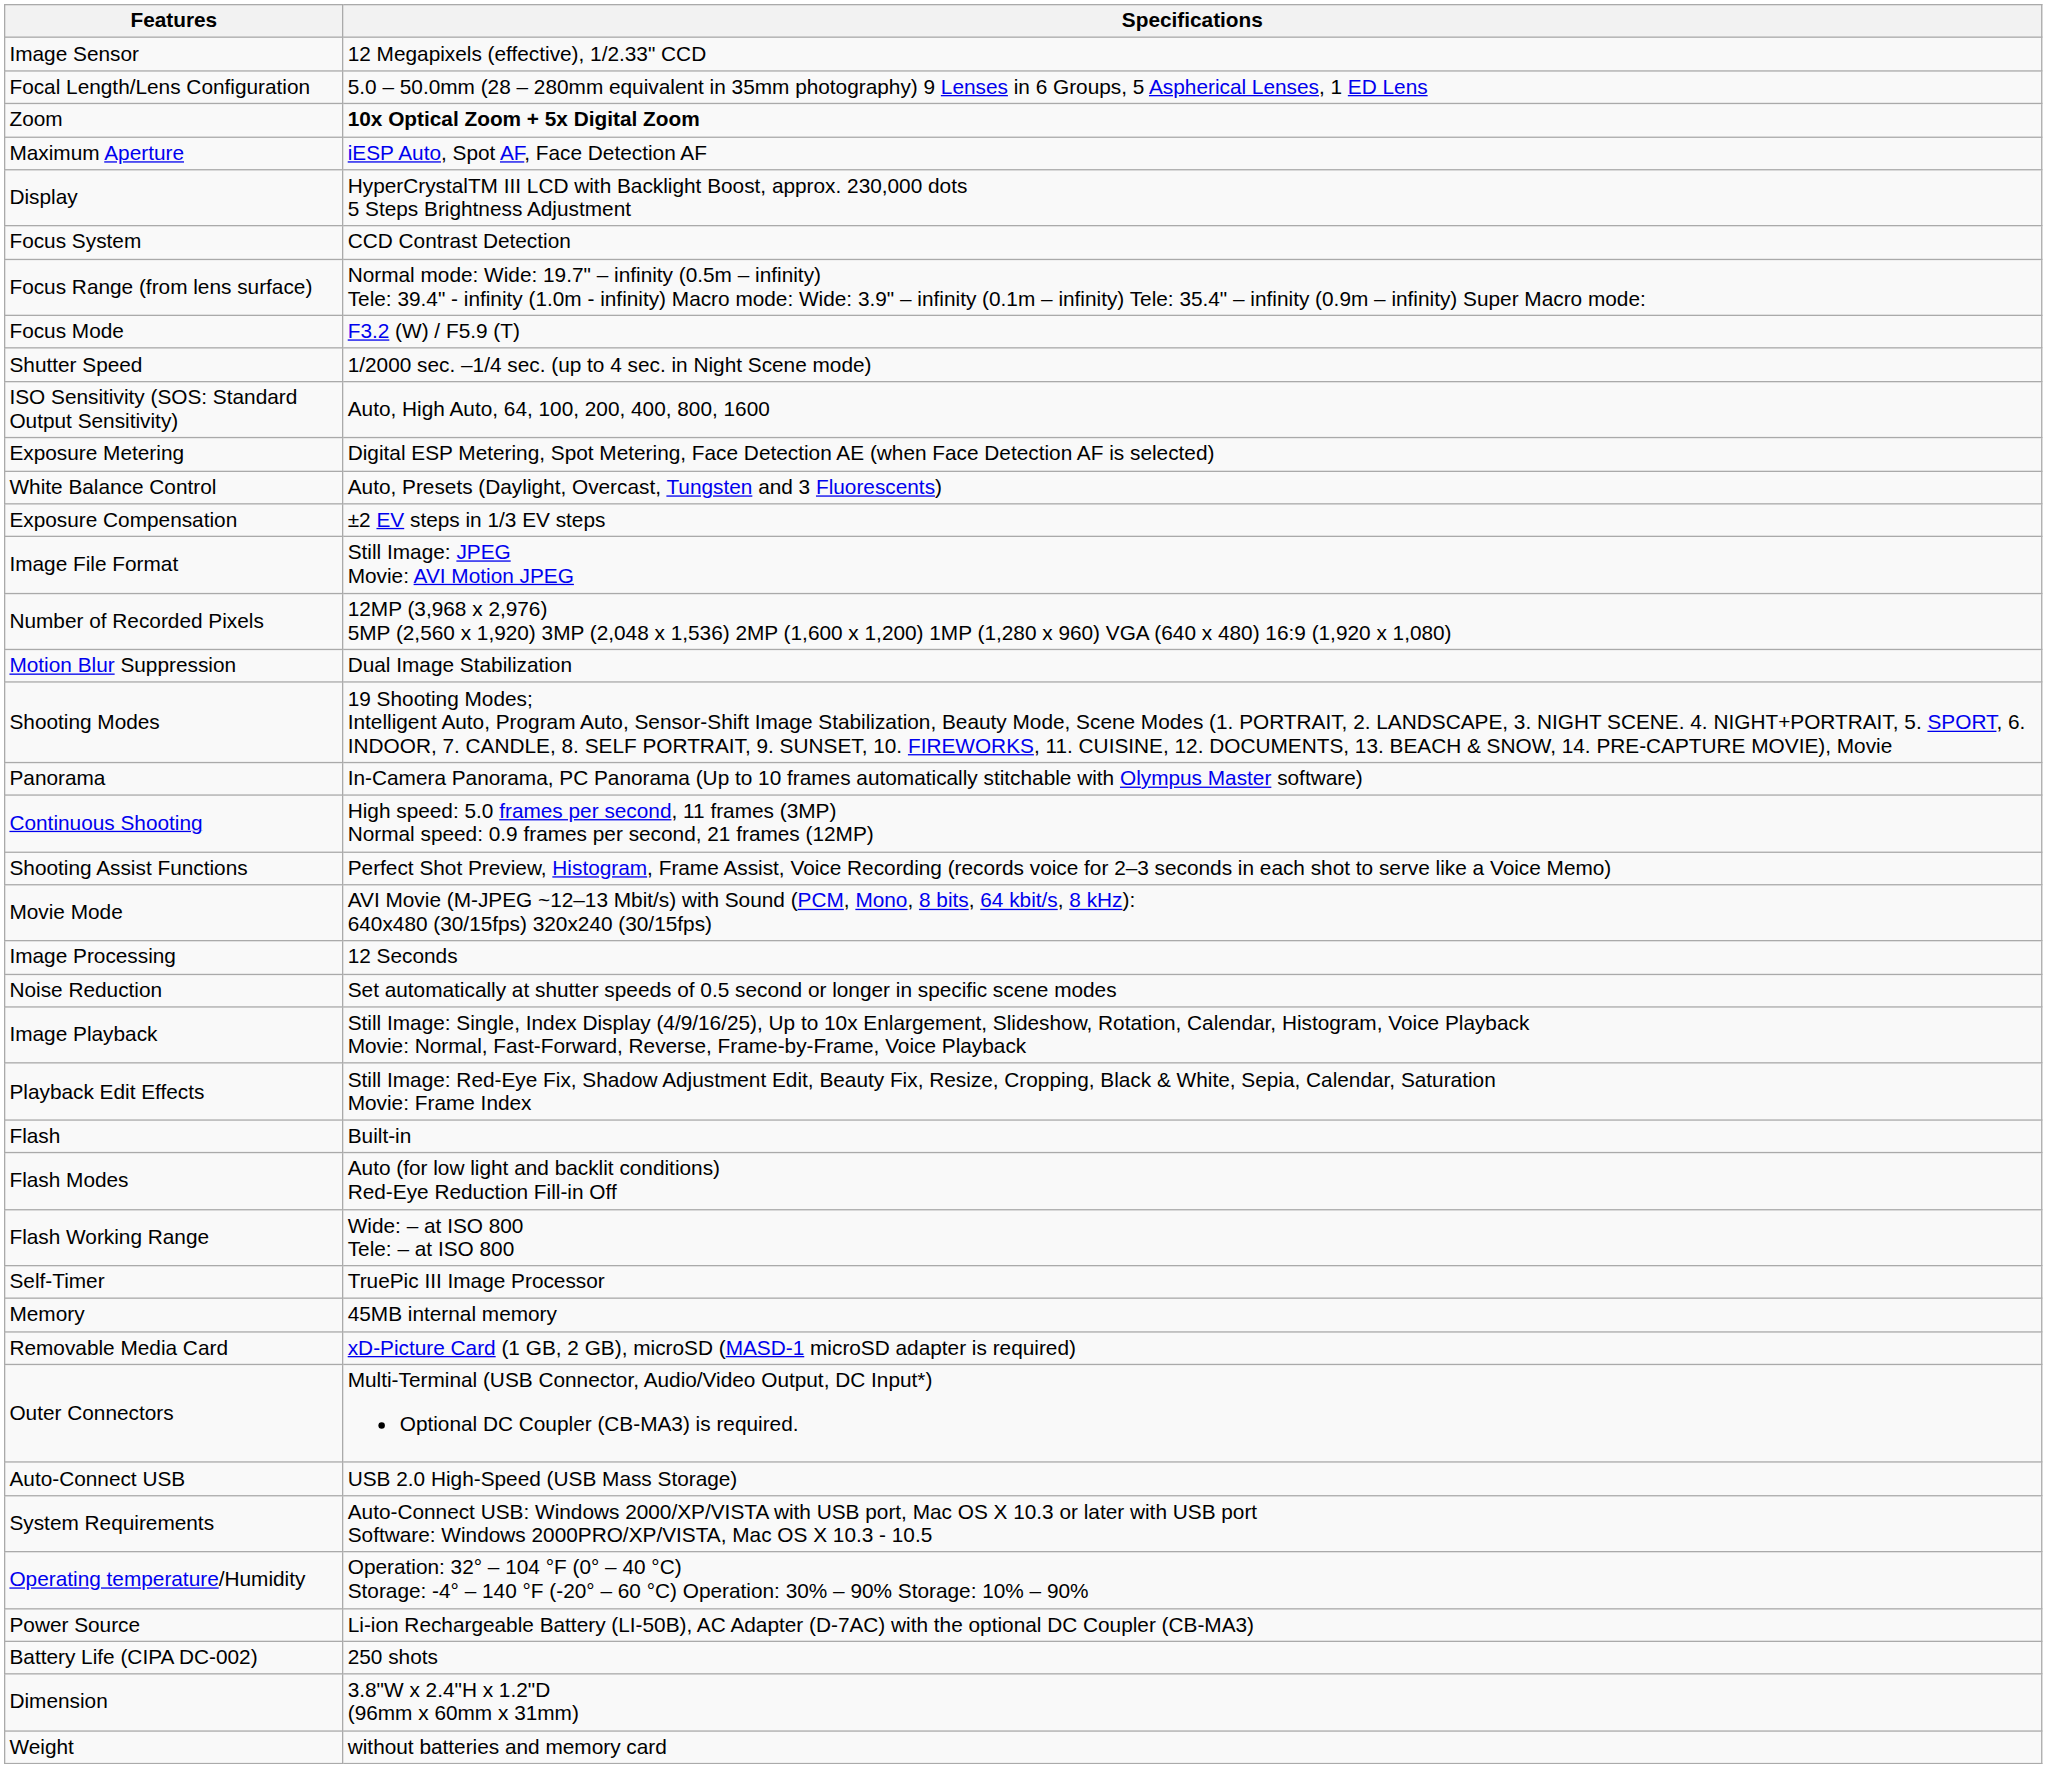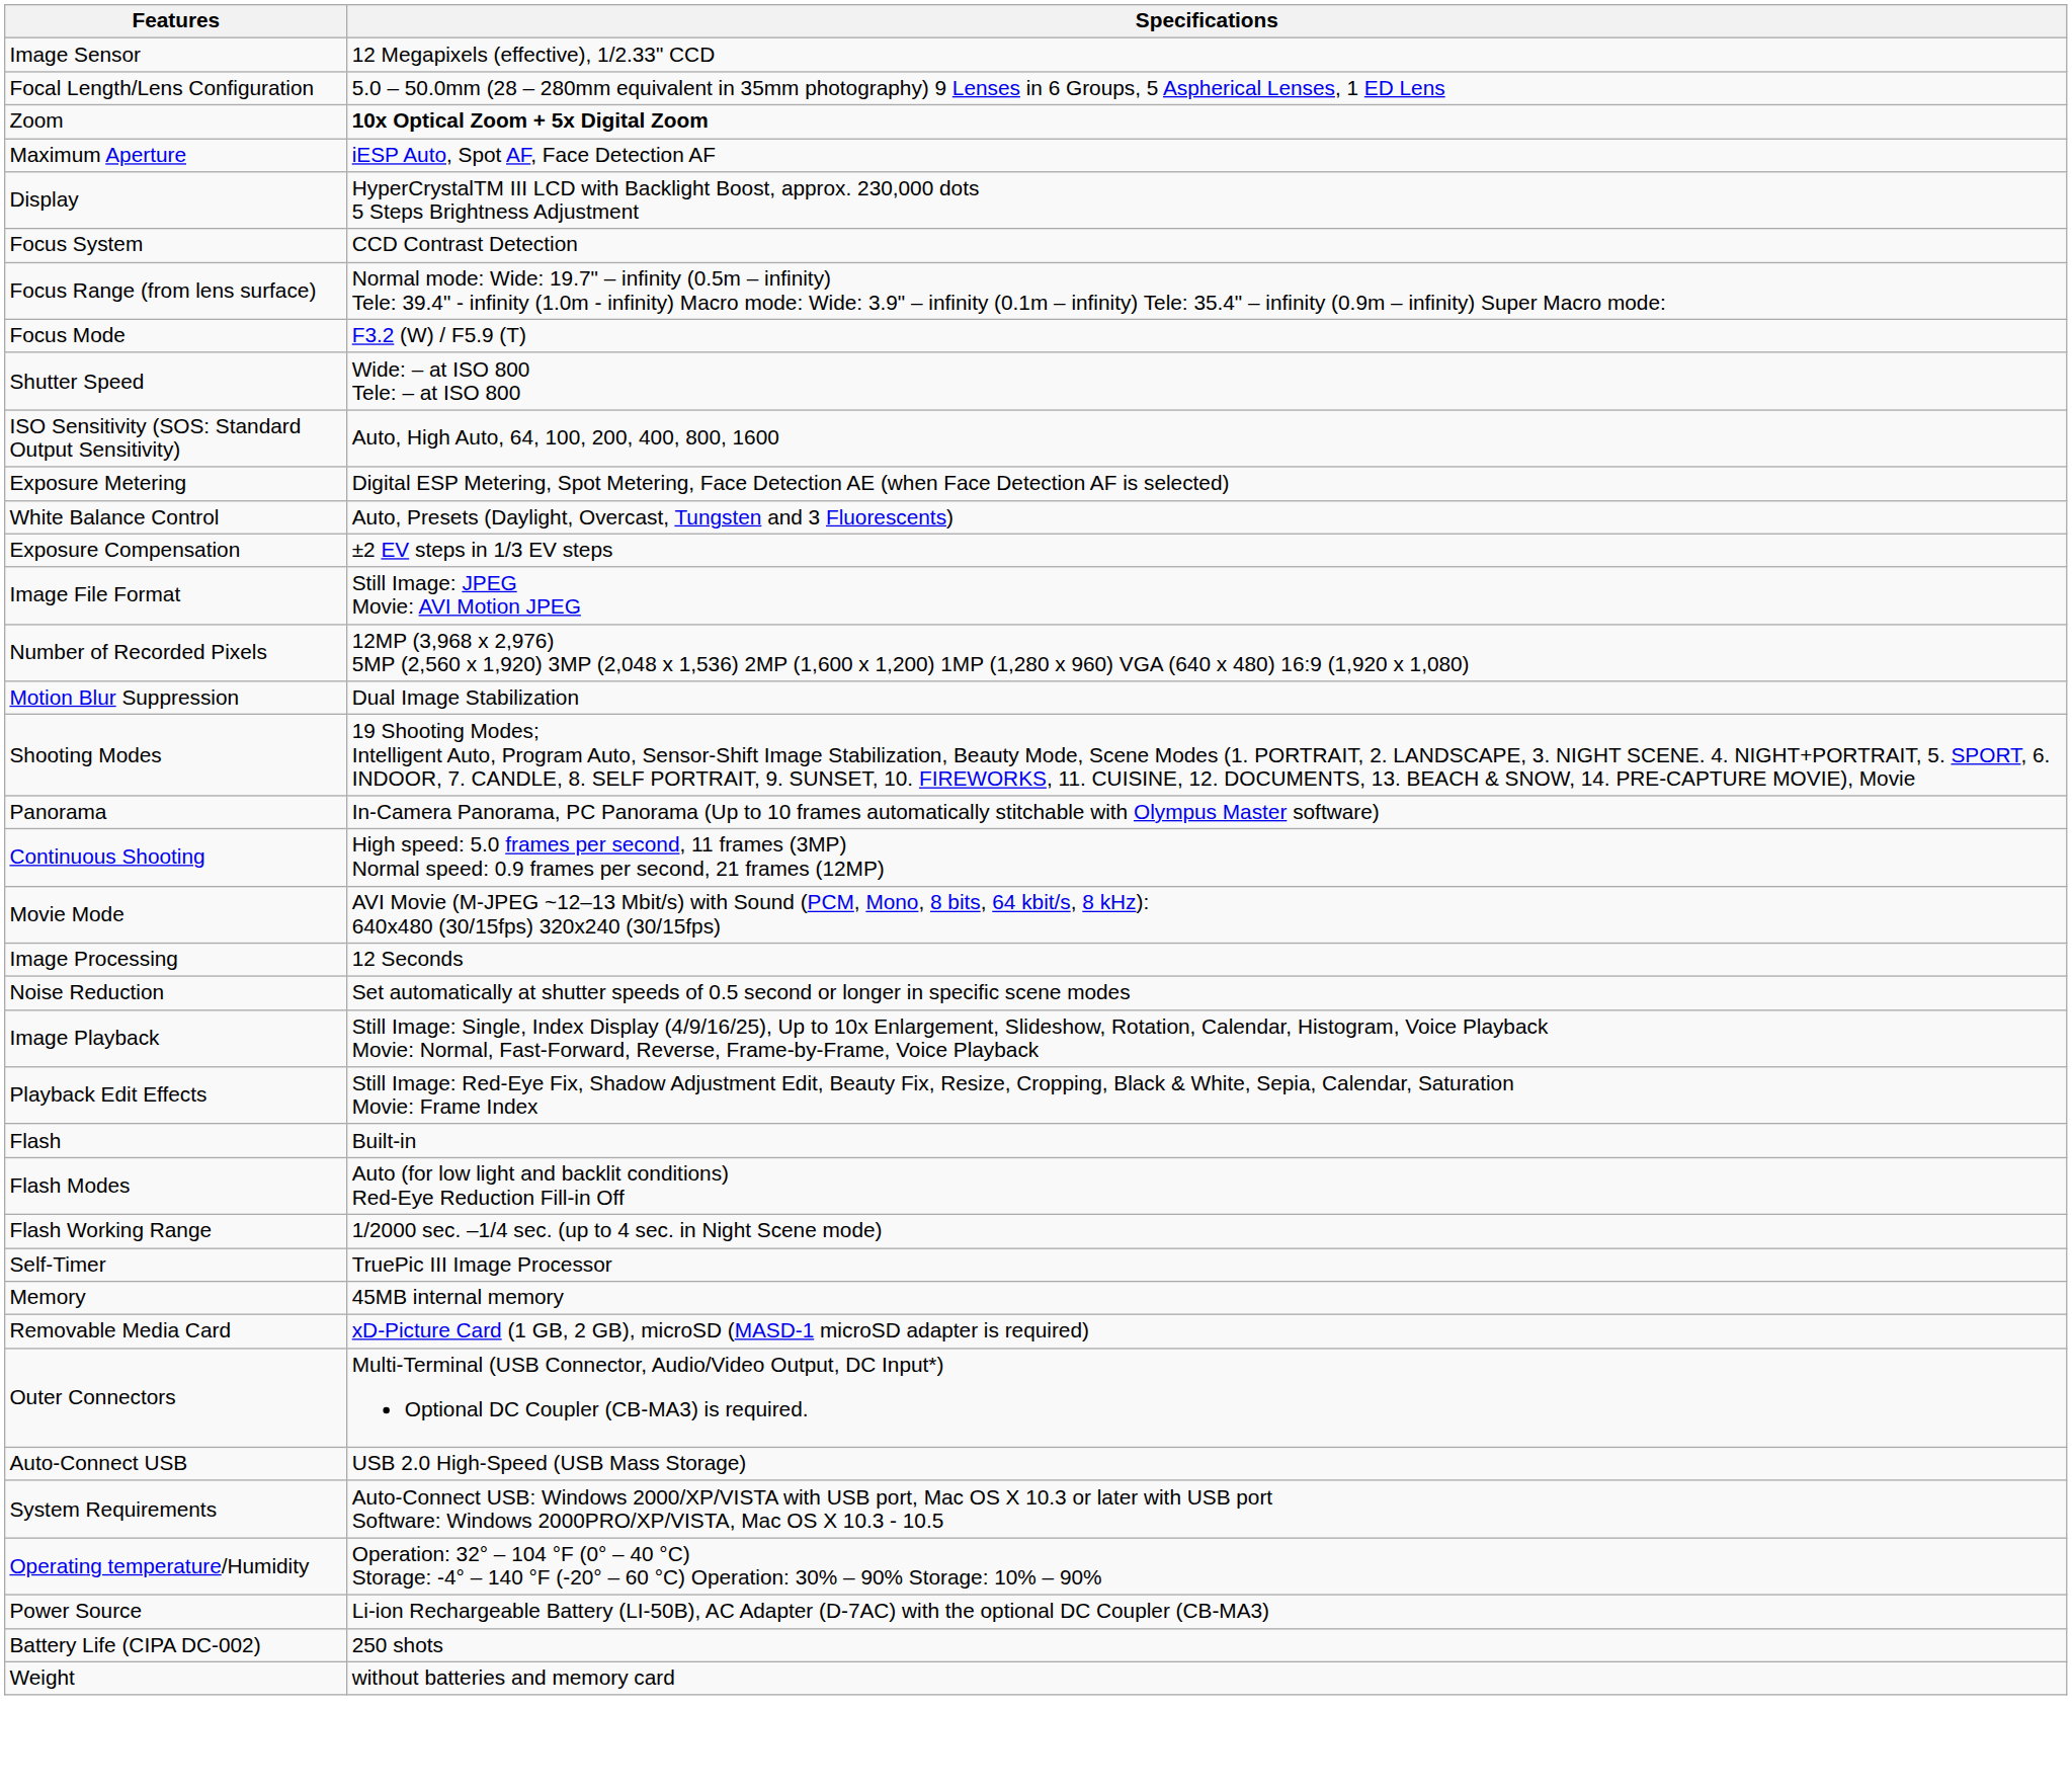 <table class="wikitable" border="1">
 <tr>
 <th>Features</th>
 <th>Specifications</th>
 </tr>
 <tr>
 <td>Image Sensor</td>
 <td>12 Megapixels (effective), 1/2.33" CCD</td>
 </tr>
 <tr>
 <td>Focal Length/Lens Configuration</td>
 <td>5.0 – 50.0mm (28 – 280mm equivalent in 35mm photography) 9 <a href='#'>Lenses</a> in 6 Groups, 5 <a href='#'>Aspherical Lenses</a>, 1 <a href='#'>ED Lens</a></td>
 </tr>
 <tr>
 <td>Zoom</td>
 <td><strong>10x Optical Zoom + 5x Digital Zoom</strong></td>
 </tr>
 <tr>
 <td>Maximum <a href='#'>Aperture</a></td>
 <td><a href='#'>iESP Auto</a>, Spot <a href='#'>AF</a>, Face Detection AF</td>
 </tr>
 <tr>
 <td>Display</td>
 <td> HyperCrystalTM III LCD with Backlight Boost, approx. 230,000 dots<br>5 Steps Brightness Adjustment</td>
 </tr>
 <tr>
 <td>Focus System</td>
 <td>CCD Contrast Detection</td>
 </tr>
 <tr>
 <td>Focus Range (from lens surface)</td>
 <td>Normal mode: Wide: 19.7" – infinity (0.5m – infinity)<br>Tele: 39.4" - infinity (1.0m - infinity) Macro mode: Wide: 3.9" – infinity (0.1m – infinity) Tele: 35.4" – infinity (0.9m – infinity) Super Macro mode: </td>
 </tr>
 <tr>
 <td>Focus Mode</td>
 <td><a href='#'>F3.2</a> (W) / F5.9 (T)</td>
 </tr>
 <tr>
 <td>Shutter Speed</td>
-<td>1/2000 sec. –1/4 sec. (up to 4 sec. in Night Scene mode)</td>
+<td>Wide:  –  at ISO 800<br>Tele:  –  at ISO 800</td>
 </tr>
 <tr>
 <td>ISO Sensitivity (SOS: Standard Output Sensitivity)</td>
 <td>Auto, High Auto, 64, 100, 200, 400, 800, 1600</td>
 </tr>
 <tr>
 <td>Exposure Metering</td>
 <td>Digital ESP Metering, Spot Metering, Face Detection AE (when Face Detection AF is selected)</td>
 </tr>
 <tr>
 <td>White Balance Control</td>
 <td>Auto, Presets (Daylight, Overcast, <a href='#'>Tungsten</a> and 3 <a href='#'>Fluorescents</a>)</td>
 </tr>
 <tr>
 <td>Exposure Compensation</td>
 <td>±2 <a href='#'>EV</a> steps in 1/3 EV steps</td>
 </tr>
 <tr>
 <td>Image File Format</td>
 <td>Still Image: <a href='#'>JPEG</a><br>Movie: <a href='#'>AVI Motion JPEG</a></td>
 </tr>
 <tr>
 <td>Number of Recorded Pixels</td>
 <td>12MP (3,968 x 2,976)<br>5MP (2,560 x 1,920) 3MP (2,048 x 1,536) 2MP (1,600 x 1,200) 1MP (1,280 x 960) VGA (640 x 480) 16:9 (1,920 x 1,080)</td>
 </tr>
 <tr>
 <td><a href='#'>Motion Blur</a> Suppression</td>
 <td>Dual Image Stabilization</td>
 </tr>
 <tr>
 <td>Shooting Modes</td>
 <td>19 Shooting Modes;<br>Intelligent Auto, Program Auto, Sensor-Shift Image Stabilization, Beauty Mode, Scene Modes (1. PORTRAIT, 2. LANDSCAPE, 3. NIGHT SCENE. 4. NIGHT+PORTRAIT, 5. <a href='#'>SPORT</a>, 6. INDOOR, 7. CANDLE, 8. SELF PORTRAIT, 9. SUNSET, 10. <a href='#'>FIREWORKS</a>, 11. CUISINE, 12. DOCUMENTS, 13. BEACH & SNOW, 14. PRE-CAPTURE MOVIE), Movie</td>
 </tr>
 <tr>
 <td>Panorama</td>
 <td>In-Camera Panorama, PC Panorama (Up to 10 frames automatically stitchable with <a href='#'>Olympus Master</a> software)</td>
 </tr>
 <tr>
 <td><a href='#'>Continuous Shooting</a></td>
 <td>High speed: 5.0 <a href='#'>frames per second</a>, 11 frames (3MP)<br>Normal speed: 0.9 frames per second, 21 frames (12MP)</td>
 </tr>
 <tr>
-<td>Shooting Assist Functions</td>
-<td>Perfect Shot Preview, <a href='#'>Histogram</a>, Frame Assist, Voice Recording (records voice for 2–3 seconds in each shot to serve like a Voice Memo)</td>
-</tr>
-<tr>
 <td>Movie Mode</td>
 <td>AVI Movie (M-JPEG ~12–13 Mbit/s) with Sound (<a href='#'>PCM</a>, <a href='#'>Mono</a>, <a href='#'>8 bits</a>, <a href='#'>64 kbit/s</a>, <a href='#'>8 kHz</a>):<br>640x480 (30/15fps) 320x240 (30/15fps)</td>
 </tr>
 <tr>
 <td>Image Processing</td>
 <td>12 Seconds</td>
 </tr>
 <tr>
 <td>Noise Reduction</td>
 <td>Set automatically at shutter speeds of 0.5 second or longer in specific scene modes</td>
 </tr>
 <tr>
 <td>Image Playback</td>
 <td>Still Image: Single, Index Display (4/9/16/25), Up to 10x Enlargement, Slideshow, Rotation, Calendar, Histogram, Voice Playback<br>Movie: Normal, Fast-Forward, Reverse, Frame-by-Frame, Voice Playback</td>
 </tr>
 <tr>
 <td>Playback Edit Effects</td>
 <td>Still Image: Red-Eye Fix, Shadow Adjustment Edit, Beauty Fix, Resize, Cropping, Black & White, Sepia, Calendar, Saturation<br>Movie: Frame Index</td>
 </tr>
 <tr>
 <td>Flash</td>
 <td>Built-in</td>
 </tr>
 <tr>
 <td>Flash Modes</td>
 <td>Auto (for low light and backlit conditions)<br>Red-Eye Reduction Fill-in Off</td>
 </tr>
 <tr>
 <td>Flash Working Range</td>
-<td>Wide:  –  at ISO 800<br>Tele:  –  at ISO 800</td>
+<td>1/2000 sec. –1/4 sec. (up to 4 sec. in Night Scene mode)</td>
 </tr>
 <tr>
 <td>Self-Timer</td>
 <td>TruePic III Image Processor</td>
 </tr>
 <tr>
 <td>Memory</td>
 <td>45MB internal memory</td>
 </tr>
 <tr>
 <td>Removable Media Card</td>
 <td><a href='#'>xD-Picture Card</a> (1 GB, 2 GB), microSD (<a href='#'>MASD-1</a> microSD adapter is required)</td>
 </tr>
 <tr>
 <td>Outer Connectors</td>
 <td>Multi-Terminal (USB Connector, Audio/Video Output, DC Input*)<br><ul><li>Optional DC Coupler (CB-MA3) is required.</li></ul></td>
 </tr>
 <tr>
 <td>Auto-Connect USB</td>
 <td>USB 2.0 High-Speed (USB Mass Storage)</td>
 </tr>
 <tr>
 <td>System Requirements</td>
 <td>Auto-Connect USB: Windows 2000/XP/VISTA with USB port, Mac OS X 10.3 or later with USB port<br>Software: Windows 2000PRO/XP/VISTA, Mac OS X 10.3 - 10.5</td>
 </tr>
 <tr>
 <td><a href='#'>Operating temperature</a>/Humidity</td>
 <td>Operation: 32° – 104 °F (0° – 40 °C)<br>Storage: -4° – 140 °F (-20° – 60 °C) Operation: 30% – 90% Storage: 10% – 90%</td>
 </tr>
 <tr>
 <td>Power Source</td>
 <td>Li-ion Rechargeable Battery (LI-50B), AC Adapter (D-7AC) with the optional DC Coupler (CB-MA3)</td>
 </tr>
 <tr>
 <td>Battery Life (CIPA DC-002)</td>
 <td>250 shots</td>
 </tr>
 <tr>
-<td>Dimension</td>
-<td>3.8"W x 2.4"H x 1.2"D<br>(96mm x 60mm x 31mm)</td>
-</tr>
-<tr>
 <td>Weight</td>
 <td> without batteries and memory card</td>
 </tr>
 </table>
